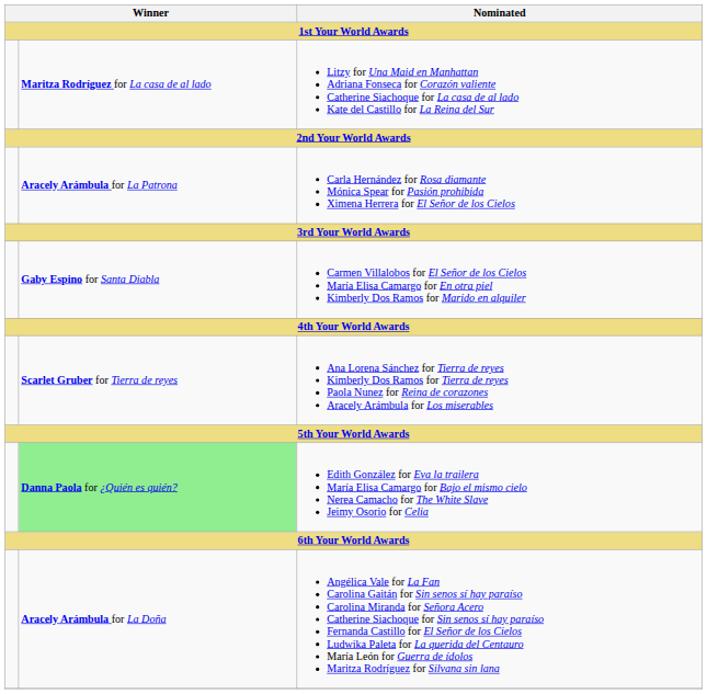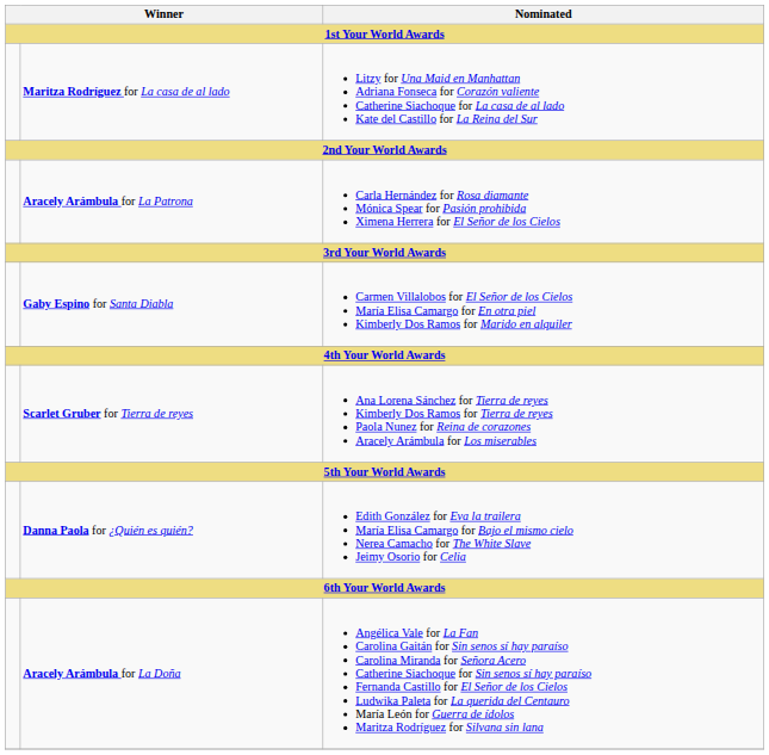 <table class="wikitable" width=80%>
 <tr align=center>
 <th width="150px;" colspan=2; align="center">Winner</th>
 <th width="580px;" align="center">Nominated</th>
 </tr>
 <tr>
 <th colspan=9 style="background:#EEDD82;"  align="center"><strong><a href='#'>1st Your World Awards</a></strong></th>
 </tr>
 <tr>
 <td width=2%></td>
 <td><strong><a href='#'>Maritza Rodríguez </a></strong> for <em><a href='#'>La casa de al lado</a></em></td>
 <td><br><ul><li><a href='#'>Litzy</a> for <em><a href='#'>Una Maid en Manhattan</a></em></li><li><a href='#'>Adriana Fonseca</a> for <em><a href='#'>Corazón valiente</a></em></li><li><a href='#'>Catherine Siachoque</a> for <em><a href='#'>La casa de al lado</a></em></li><li><a href='#'>Kate del Castillo</a> for <em><a href='#'>La Reina del Sur</a></em></li></ul></td>
 </tr>
 <tr>
 <th colspan=9 style="background:#EEDD82;"  align="center"><strong><a href='#'>2nd Your World Awards</a></strong></th>
 </tr>
 <tr>
 <td width=2%></td>
 <td><strong><a href='#'>Aracely Arámbula </a></strong> for <em><a href='#'>La Patrona</a></em></td>
 <td><br><ul><li><a href='#'>Carla Hernández</a> for <em><a href='#'>Rosa diamante</a></em></li><li><a href='#'>Mónica Spear</a> for <em><a href='#'>Pasión prohibida</a></em></li><li><a href='#'>Ximena Herrera</a> for <em><a href='#'>El Señor de los Cielos</a></em></li></ul></td>
 </tr>
 <tr>
 <th colspan=9 style="background:#EEDD82;"  align="center"><strong><a href='#'>3rd Your World Awards</a></strong></th>
 </tr>
 <tr>
 <td width=2%></td>
 <td><strong><a href='#'>Gaby Espino</a></strong> for <em><a href='#'>Santa Diabla</a></em></td>
 <td><br><ul><li><a href='#'>Carmen Villalobos</a> for <em><a href='#'>El Señor de los Cielos</a></em></li><li><a href='#'>María Elisa Camargo</a> for <em><a href='#'>En otra piel</a></em></li><li><a href='#'>Kimberly Dos Ramos</a> for <em><a href='#'>Marido en alquiler</a></em></li></ul></td>
 </tr>
 <tr>
 <th colspan=9 style="background:#EEDD82;"  align="center"><strong><a href='#'>4th Your World Awards</a></strong></th>
 </tr>
 <tr>
 <td width=2%></td>
 <td><strong><a href='#'>Scarlet Gruber</a></strong> for <em><a href='#'>Tierra de reyes</a></em></td>
 <td><br><ul><li><a href='#'>Ana Lorena Sánchez</a> for <em><a href='#'>Tierra de reyes</a></em></li><li><a href='#'>Kimberly Dos Ramos</a> for <em><a href='#'>Tierra de reyes</a></em></li><li><a href='#'>Paola Nunez</a> for <em><a href='#'>Reina de corazones</a></em></li><li><a href='#'>Aracely Arámbula</a> for <em><a href='#'>Los miserables</a></em></li></ul></td>
 </tr>
 <tr>
 <th colspan=9 style="background:#EEDD82;"  align="center"><strong><a href='#'>5th Your World Awards</a></strong></th>
 </tr>
 <tr>
 <td width=2%></td>
-<td style="background: lightgreen;"><strong><a href='#'>Danna Paola</a></strong> for <em><a href='#'>¿Quién es quién?</a></em></td>
+<td><strong><a href='#'>Danna Paola</a></strong> for <em><a href='#'>¿Quién es quién?</a></em></td>
 <td><br><ul><li><a href='#'>Edith González</a> for <em><a href='#'>Eva la trailera</a></em></li><li><a href='#'>María Elisa Camargo</a> for <em><a href='#'>Bajo el mismo cielo</a></em></li><li><a href='#'>Nerea Camacho</a> for <em><a href='#'>The White Slave</a></em></li><li><a href='#'>Jeimy Osorio</a> for <em><a href='#'>Celia</a></em></li></ul></td>
 </tr>
 <tr>
 <th colspan=9 style="background:#EEDD82;"  align="center"><strong><a href='#'>6th Your World Awards</a></strong></th>
 </tr>
 <tr>
 <td width=2%></td>
 <td><strong><a href='#'>Aracely Arámbula </a></strong> for <em><a href='#'>La Doña</a></em></td>
 <td><br><ul><li><a href='#'>Angélica Vale</a> for <em><a href='#'>La Fan</a></em></li><li><a href='#'>Carolina Gaitán</a> for <em><a href='#'>Sin senos sí hay paraíso</a></em></li><li><a href='#'>Carolina Miranda</a> for <em><a href='#'>Señora Acero</a></em></li><li><a href='#'>Catherine Siachoque</a> for <em><a href='#'>Sin senos sí hay paraíso</a></em></li><li><a href='#'>Fernanda Castillo</a> for <em><a href='#'>El Señor de los Cielos</a></em></li><li><a href='#'>Ludwika Paleta</a> for <em><a href='#'>La querida del Centauro</a></em></li><li>María León for <em><a href='#'>Guerra de ídolos</a></em></li><li><a href='#'>Maritza Rodríguez</a> for <em><a href='#'>Silvana sin lana</a></em></li></ul></td>
 </tr>
 <tr>
 </tr>
 </table>
